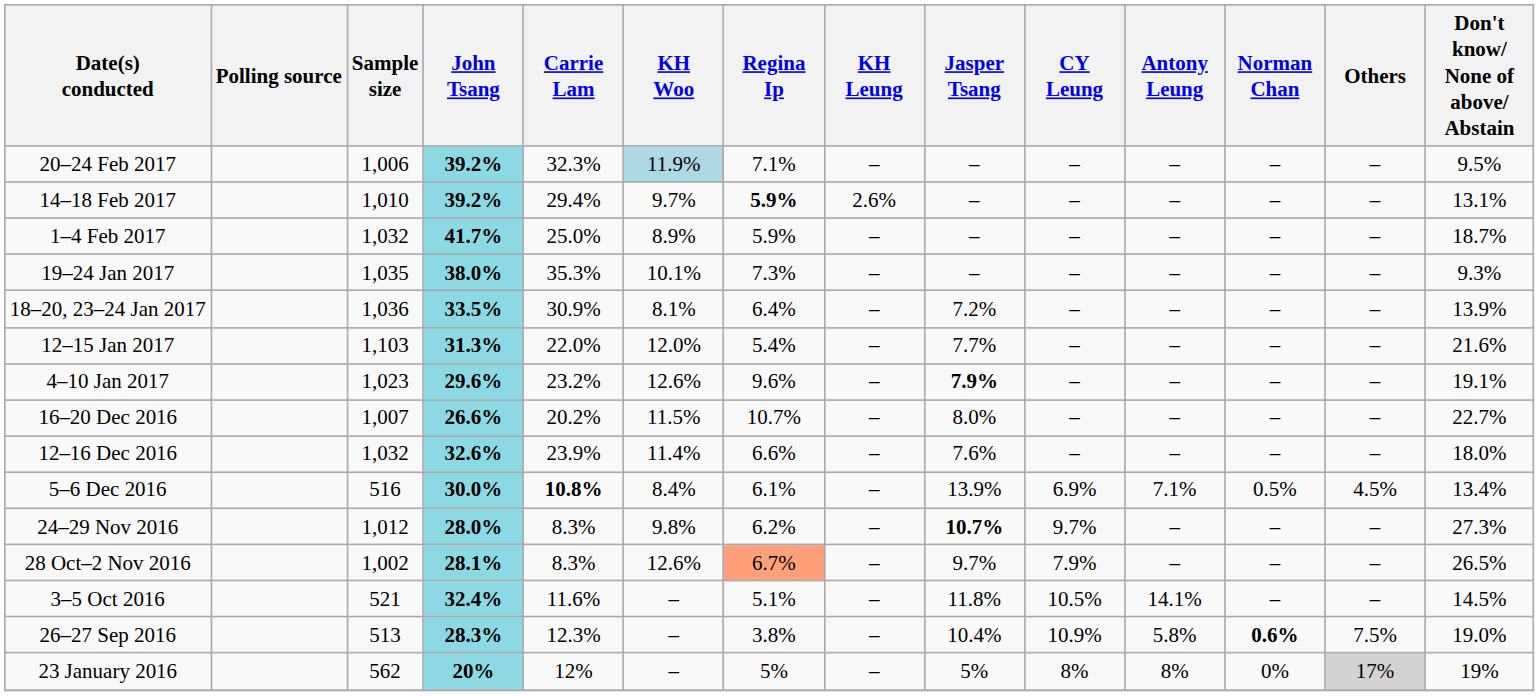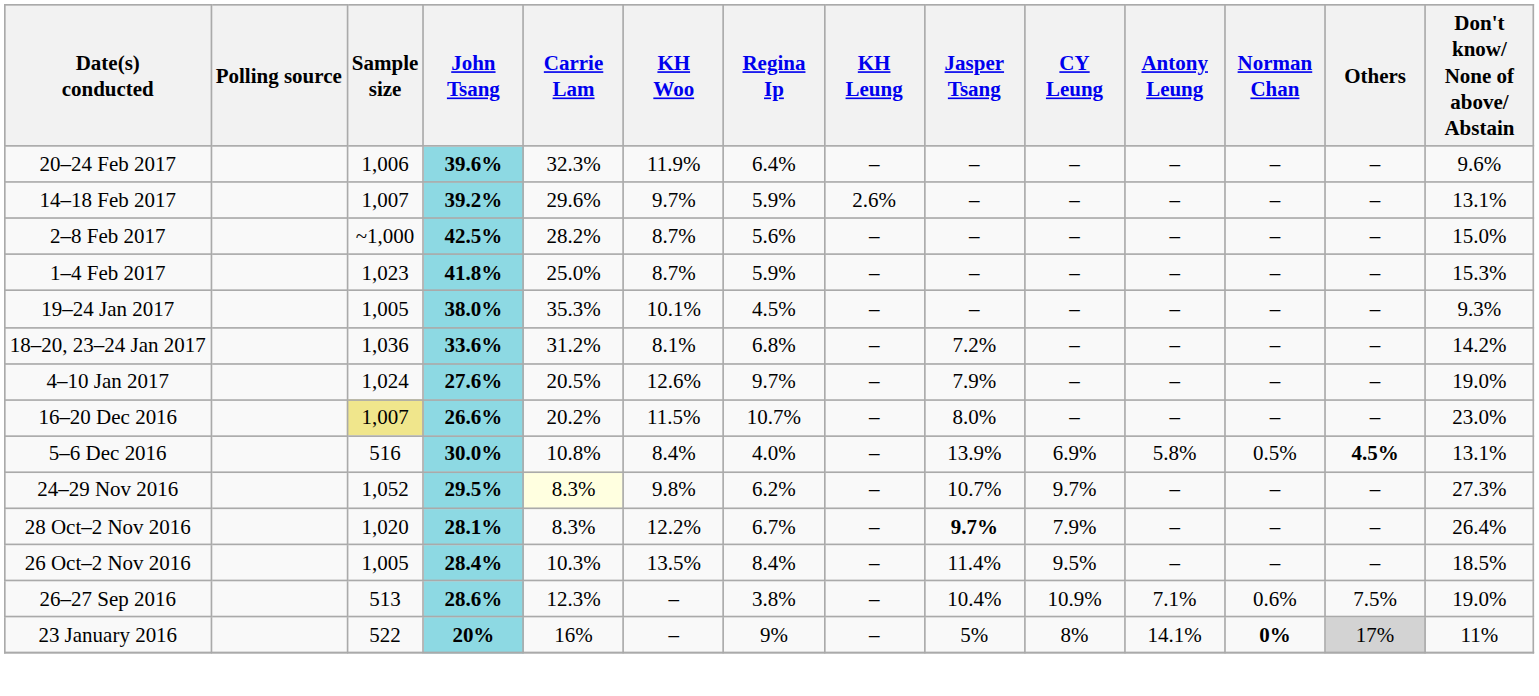 <table class="wikitable collapsible" style="text-align:center; font-size:80%; line-height:16px; margin-bottom:0; font-family:Verdana;">
 <tr style="height:42px; background:#e9e9e9;">
 <th>Date(s)<br>conducted</th>
 <th>Polling source</th>
 <th>Sample<br>size</th>
 <th width=55px><a href='#'>John<br>Tsang</a></th>
 <th width=55px><a href='#'>Carrie<br>Lam</a></th>
 <th width=55px><a href='#'>KH<br>Woo</a></th>
 <th width=55px><a href='#'>Regina<br>Ip</a></th>
 <th width=55px><a href='#'>KH<br>Leung</a></th>
 <th width=55px><a href='#'>Jasper<br>Tsang</a></th>
 <th width=55px><a href='#'>CY<br>Leung</a></th>
 <th width=55px><a href='#'>Antony<br>Leung</a></th>
 <th width=55px><a href='#'>Norman<br>Chan</a></th>
 <th width=55px>Others</th>
 <th width=60px>Don't know/ None of above/ Abstain</th>
 </tr>
 <tr>
 <td>20–24 Feb 2017</td>
 <td></td>
 <td>1,006</td>
-<td bgcolor=#8dd9e3><strong>39.2%</strong></td>
+<td bgcolor=#8dd9e3><strong>39.6%</strong></td>
 <td>32.3%</td>
-<td style="background: lightblue;">11.9%</td>
-<td>7.1%</td>
+<td>11.9%</td>
+<td>6.4%</td>
 <td>–</td>
 <td>–</td>
 <td>–</td>
 <td>–</td>
 <td>–</td>
 <td>–</td>
-<td>9.5%</td>
+<td>9.6%</td>
 </tr>
 <tr>
 <td>14–18 Feb 2017</td>
 <td></td>
-<td>1,010</td>
+<td>1,007</td>
 <td bgcolor=#8dd9e3><strong>39.2%</strong></td>
-<td>29.4%</td>
+<td>29.6%</td>
 <td>9.7%</td>
-<td><strong>5.9%</strong></td>
+<td>5.9%</td>
 <td>2.6%</td>
 <td>–</td>
 <td>–</td>
 <td>–</td>
 <td>–</td>
 <td>–</td>
 <td>13.1%</td>
 </tr>
 <tr>
+<td>2–8 Feb 2017</td>
+<td></td>
+<td>~1,000</td>
+<td bgcolor=#8dd9e3><strong>42.5%</strong></td>
+<td>28.2%</td>
+<td>8.7%</td>
+<td>5.6%</td>
+<td>–</td>
+<td>–</td>
+<td>–</td>
+<td>–</td>
+<td>–</td>
+<td>–</td>
+<td>15.0%</td>
+</tr>
+<tr>
 <td>1–4 Feb 2017</td>
 <td></td>
-<td>1,032</td>
-<td bgcolor=#8dd9e3><strong>41.7%</strong></td>
+<td>1,023</td>
+<td bgcolor=#8dd9e3><strong>41.8%</strong></td>
 <td>25.0%</td>
-<td>8.9%</td>
+<td>8.7%</td>
 <td>5.9%</td>
 <td>–</td>
 <td>–</td>
 <td>–</td>
 <td>–</td>
 <td>–</td>
 <td>–</td>
-<td>18.7%</td>
+<td>15.3%</td>
 </tr>
 <tr>
 <td>19–24 Jan 2017</td>
 <td> </td>
-<td>1,035</td>
+<td>1,005</td>
 <td bgcolor=#8dd9e3><strong>38.0%</strong></td>
 <td>35.3%</td>
 <td>10.1%</td>
-<td>7.3%</td>
+<td>4.5%</td>
 <td>–</td>
 <td>–</td>
 <td>–</td>
 <td>–</td>
 <td>–</td>
 <td>–</td>
 <td>9.3%</td>
 </tr>
 <tr>
 <td>18–20, 23–24 Jan 2017</td>
 <td></td>
 <td>1,036</td>
-<td bgcolor=#8dd9e3><strong>33.5%</strong></td>
-<td>30.9%</td>
+<td bgcolor=#8dd9e3><strong>33.6%</strong></td>
+<td>31.2%</td>
 <td>8.1%</td>
-<td>6.4%</td>
+<td>6.8%</td>
 <td>–</td>
 <td>7.2%</td>
 <td>–</td>
 <td>–</td>
 <td>–</td>
 <td>–</td>
-<td>13.9%</td>
+<td>14.2%</td>
 </tr>
 <tr>
-<td>12–15 Jan 2017</td>
+<td>4–10 Jan 2017</td>
 <td></td>
-<td>1,103</td>
-<td bgcolor=#8dd9e3><strong>31.3%</strong></td>
-<td>22.0%</td>
-<td>12.0%</td>
-<td>5.4%</td>
+<td>1,024</td>
+<td bgcolor=#8dd9e3><strong>27.6%</strong></td>
+<td>20.5%</td>
+<td>12.6%</td>
+<td>9.7%</td>
 <td>–</td>
-<td>7.7%</td>
+<td>7.9%</td>
 <td>–</td>
 <td>–</td>
 <td>–</td>
 <td>–</td>
-<td>21.6%</td>
-</tr>
-<tr>
-<td>4–10 Jan 2017</td>
-<td></td>
-<td>1,023</td>
-<td bgcolor=#8dd9e3><strong>29.6%</strong></td>
-<td>23.2%</td>
-<td>12.6%</td>
-<td>9.6%</td>
-<td>–</td>
-<td><strong>7.9%</strong></td>
-<td>–</td>
-<td>–</td>
-<td>–</td>
-<td>–</td>
-<td>19.1%</td>
+<td>19.0%</td>
 </tr>
 <tr>
 <td>16–20 Dec 2016</td>
 <td></td>
-<td>1,007</td>
+<td style="background: khaki;">1,007</td>
 <td bgcolor=#8dd9e3><strong>26.6%</strong></td>
 <td>20.2%</td>
 <td>11.5%</td>
 <td>10.7%</td>
 <td>–</td>
 <td>8.0%</td>
 <td>–</td>
 <td>–</td>
 <td>–</td>
 <td>–</td>
-<td>22.7%</td>
-</tr>
-<tr>
-<td>12–16 Dec 2016</td>
-<td></td>
-<td>1,032</td>
-<td bgcolor=#8dd9e3><strong>32.6%</strong></td>
-<td>23.9%</td>
-<td>11.4%</td>
-<td>6.6%</td>
-<td>–</td>
-<td>7.6%</td>
-<td>–</td>
-<td>–</td>
-<td>–</td>
-<td>–</td>
-<td>18.0%</td>
+<td>23.0%</td>
 </tr>
 <tr>
 <td>5–6 Dec 2016</td>
 <td></td>
 <td>516</td>
 <td bgcolor=#8dd9e3><strong>30.0%</strong></td>
-<td><strong>10.8%</strong></td>
+<td>10.8%</td>
 <td>8.4%</td>
-<td>6.1%</td>
+<td>4.0%</td>
 <td>–</td>
 <td>13.9%</td>
 <td>6.9%</td>
-<td>7.1%</td>
+<td>5.8%</td>
 <td>0.5%</td>
-<td>4.5%</td>
-<td>13.4%</td>
+<td><strong>4.5%</strong></td>
+<td>13.1%</td>
 </tr>
 <tr>
 <td>24–29 Nov 2016</td>
 <td></td>
-<td>1,012</td>
-<td bgcolor=#8dd9e3><strong>28.0%</strong></td>
-<td>8.3%</td>
+<td>1,052</td>
+<td bgcolor=#8dd9e3><strong>29.5%</strong></td>
+<td style="background: lightyellow;">8.3%</td>
 <td>9.8%</td>
 <td>6.2%</td>
 <td>–</td>
-<td><strong>10.7%</strong></td>
+<td>10.7%</td>
 <td>9.7%</td>
 <td>–</td>
 <td>–</td>
 <td>–</td>
 <td>27.3%</td>
 </tr>
 <tr>
 <td>28 Oct–2 Nov 2016</td>
 <td></td>
-<td>1,002</td>
+<td>1,020</td>
 <td bgcolor=#8dd9e3><strong>28.1%</strong></td>
 <td>8.3%</td>
-<td>12.6%</td>
-<td style="background: lightsalmon;">6.7%</td>
+<td>12.2%</td>
+<td>6.7%</td>
 <td>–</td>
-<td>9.7%</td>
+<td><strong>9.7%</strong></td>
 <td>7.9%</td>
 <td>–</td>
 <td>–</td>
 <td>–</td>
-<td>26.5%</td>
+<td>26.4%</td>
 </tr>
 <tr>
-<td>3–5 Oct 2016</td>
+<td>26 Oct–2 Nov 2016</td>
 <td></td>
-<td>521</td>
-<td bgcolor=#8dd9e3><strong>32.4%</strong></td>
-<td>11.6%</td>
+<td>1,005</td>
+<td bgcolor=#8dd9e3><strong>28.4%</strong></td>
+<td>10.3%</td>
+<td>13.5%</td>
+<td>8.4%</td>
 <td>–</td>
-<td>5.1%</td>
-<td>–</td>
-<td>11.8%</td>
-<td>10.5%</td>
-<td>14.1%</td>
+<td>11.4%</td>
+<td>9.5%</td>
 <td>–</td>
 <td>–</td>
-<td>14.5%</td>
+<td>–</td>
+<td>18.5%</td>
 </tr>
 <tr>
 <td>26–27 Sep 2016</td>
 <td></td>
 <td>513</td>
-<td bgcolor=#8dd9e3><strong>28.3%</strong></td>
+<td bgcolor=#8dd9e3><strong>28.6%</strong></td>
 <td>12.3%</td>
 <td>–</td>
 <td>3.8%</td>
 <td>–</td>
 <td>10.4%</td>
 <td>10.9%</td>
-<td>5.8%</td>
-<td><strong>0.6%</strong></td>
+<td>7.1%</td>
+<td>0.6%</td>
 <td>7.5%</td>
 <td>19.0%</td>
 </tr>
 <tr>
 <td>23 January 2016</td>
 <td></td>
-<td>562</td>
+<td>522</td>
 <td bgcolor=#8dd9e3><strong>20%</strong></td>
-<td>12%</td>
+<td>16%</td>
 <td>–</td>
-<td>5%</td>
+<td>9%</td>
 <td>–</td>
 <td>5%</td>
 <td>8%</td>
-<td>8%</td>
-<td>0%</td>
+<td>14.1%</td>
+<td><strong>0%</strong></td>
 <td style="background: lightgrey;">17%</td>
-<td>19%</td>
+<td>11%</td>
 </tr>
 <tr>
 </tr>
 </table>
